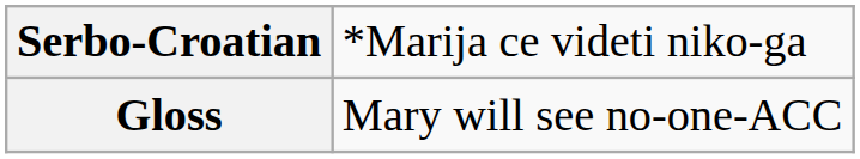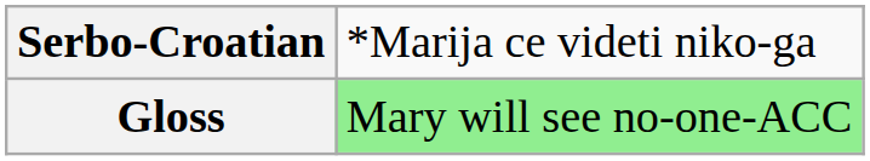 <table class="wikitable">
 <tr>
 <th>Serbo-Croatian</th>
 <td>*Marija ce videti niko-ga</td>
 </tr>
 <tr>
 <th>Gloss</th>
-<td>Mary    will see   no-one-ACC</td>
+<td style="background: lightgreen;">Mary    will see   no-one-ACC</td>
 </tr>
 </table>
